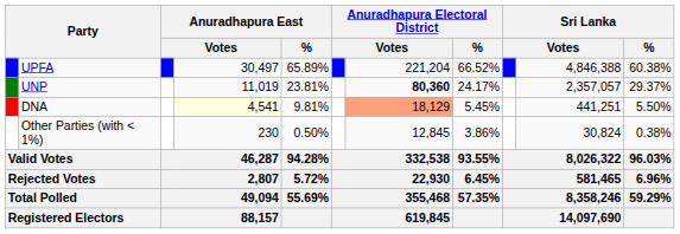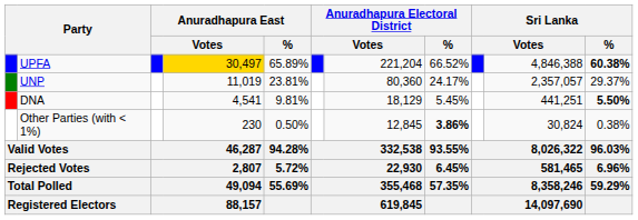 <table class="wikitable">
 <tr>
 <th colspan="2" width="144px"rowspan="2">Party</th>
 <th colspan="3" width="216px">Anuradhapura East</th>
 <th colspan="3" width="216px"><a href='#'>Anuradhapura Electoral District</a></th>
 <th colspan="3" width="216px">Sri Lanka</th>
 </tr>
 <tr>
 <th colspan="2" width="144px">Votes</th>
 <th>%</th>
 <th colspan="2" width="144px">Votes</th>
 <th>%</th>
 <th colspan="2" width="144px">Votes</th>
 <th>%</th>
 </tr>
 <tr>
 <td style="background-color:blue;" width="10px"></td>
 <td style="text-align:left;"><a href='#'>UPFA</a></td>
 <td style="background-color:blue;" width="10px"></td>
-<td style="text-align:right;">30,497</td>
+<td style="background: gold; text-align:right;">30,497</td>
 <td style="text-align:right;">65.89%</td>
 <td style="background-color:blue;" width="10px"></td>
 <td style="text-align:right;">221,204</td>
 <td style="text-align:right;">66.52%</td>
 <td style="background-color:blue;" width="10px"></td>
 <td style="text-align:right;">4,846,388</td>
-<td style="text-align:right;">60.38%</td>
+<td style="text-align:right;"><strong>60.38%</strong></td>
 </tr>
 <tr>
 <td style="background-color:green;" width="10px"></td>
 <td style="text-align:left;"><a href='#'>UNP</a></td>
 <td style="background-color:white;" width="10px"></td>
 <td style="text-align:right;">11,019</td>
 <td style="text-align:right;">23.81%</td>
 <td style="background-color:white;" width="10px"></td>
-<td style="text-align:right;"><strong>80,360</strong></td>
+<td style="text-align:right;">80,360</td>
 <td style="text-align:right;">24.17%</td>
 <td style="background-color:white;" width="10px"></td>
 <td style="text-align:right;">2,357,057</td>
 <td style="text-align:right;">29.37%</td>
 </tr>
 <tr>
 <td style="background-color:red;" width="10px"></td>
 <td style="text-align:left;">DNA</td>
 <td style="background-color:white;" width="10px"></td>
-<td style="background: lightyellow; text-align:right;">4,541</td>
+<td style="text-align:right;">4,541</td>
 <td style="text-align:right;">9.81%</td>
 <td style="background-color:white;" width="10px"></td>
-<td style="background: lightsalmon; text-align:right;">18,129</td>
+<td style="text-align:right;">18,129</td>
 <td style="text-align:right;">5.45%</td>
 <td style="background-color:white;" width="10px"></td>
 <td style="text-align:right;">441,251</td>
-<td style="text-align:right;">5.50%</td>
+<td style="text-align:right;"><strong>5.50%</strong></td>
 </tr>
 <tr>
 <td style="background-color:white;" width="10px"></td>
 <td style="text-align:left;">Other Parties (with < 1%)</td>
 <td style="background-color:white;" width="10px"></td>
 <td style="text-align:right;">230</td>
 <td style="text-align:right;">0.50%</td>
 <td style="background-color:white;" width="10px"></td>
 <td style="text-align:right;">12,845</td>
-<td style="text-align:right;">3.86%</td>
+<td style="text-align:right;"><strong>3.86%</strong></td>
 <td style="background-color:white;" width="10px"></td>
 <td style="text-align:right;">30,824</td>
 <td style="text-align:right;">0.38%</td>
 </tr>
 <tr>
 <th colspan="2" width="144px"style="text-align:left;">Valid Votes</th>
 <th style="text-align:right;"colspan="2" width="144px">46,287</th>
 <th style="text-align:right;">94.28%</th>
 <th style="text-align:right;"colspan="2" width="144px">332,538</th>
 <th style="text-align:right;">93.55%</th>
 <th style="text-align:right;"colspan="2" width="144px">8,026,322</th>
 <th style="text-align:right;">96.03%</th>
 </tr>
 <tr>
 <th colspan="2" width="144px"style="text-align:left;">Rejected Votes</th>
 <th style="text-align:right;"colspan="2" width="144px">2,807</th>
 <th style="text-align:right;">5.72%</th>
 <th style="text-align:right;"colspan="2" width="144px">22,930</th>
 <th style="text-align:right;">6.45%</th>
 <th style="text-align:right;"colspan="2" width="144px">581,465</th>
 <th style="text-align:right;">6.96%</th>
 </tr>
 <tr>
 <th colspan="2" width="144px"style="text-align:left;">Total Polled</th>
 <th style="text-align:right;"colspan="2" width="144px">49,094</th>
 <th style="text-align:right;">55.69%</th>
 <th style="text-align:right;"colspan="2" width="144px">355,468</th>
 <th style="text-align:right;">57.35%</th>
 <th style="text-align:right;"colspan="2" width="144px">8,358,246</th>
 <th style="text-align:right;">59.29%</th>
 </tr>
 <tr>
 <th colspan="2" width="144px"style="text-align:left;">Registered Electors</th>
 <th style="text-align:right;"colspan="2" width="144px">88,157</th>
 <th></th>
 <th style="text-align:right;"colspan="2" width="144px">619,845</th>
 <th></th>
 <th style="text-align:right;"colspan="2" width="144px">14,097,690</th>
 <th></th>
 </tr>
 </table>
